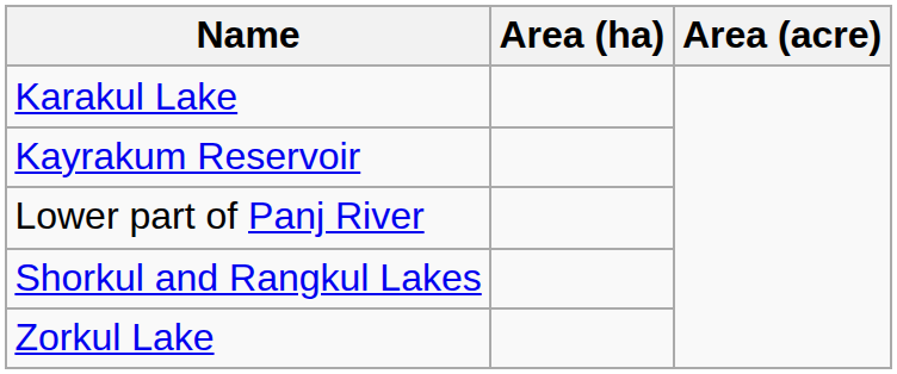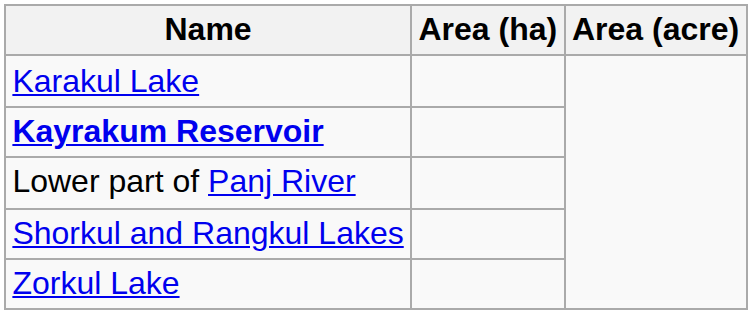 <table class="wikitable sortable">
 <tr>
 <th scope="col" align=left>Name</th>
 <th scope="col">Area (ha)</th>
 <th scope="col">Area (acre)</th>
 </tr>
 <tr ---->
 <td><a href='#'>Karakul Lake</a></td>
 <td></td>
 </tr>
 <tr ---->
-<td><a href='#'>Kayrakum Reservoir</a></td>
+<td><strong><a href='#'>Kayrakum Reservoir</a></strong></td>
 <td></td>
 </tr>
 <tr ---->
 <td>Lower part of <a href='#'>Panj River</a></td>
 <td></td>
 </tr>
 <tr ---->
 <td><a href='#'>Shorkul and Rangkul Lakes</a></td>
 <td></td>
 </tr>
 <tr ---->
 <td><a href='#'>Zorkul Lake</a></td>
 <td></td>
 </tr>
 </table>
